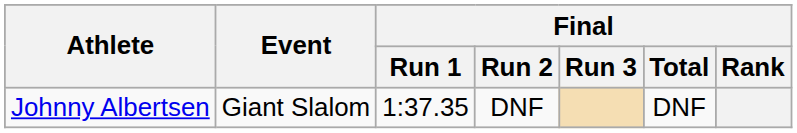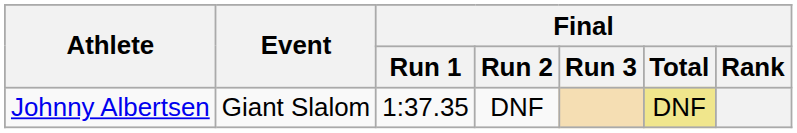 <table class="wikitable" style="font-size:90%">
 <tr>
 <th rowspan="2">Athlete</th>
 <th rowspan="2">Event</th>
 <th colspan="5">Final</th>
 </tr>
 <tr>
 <th>Run 1</th>
 <th>Run 2</th>
 <th>Run 3</th>
 <th>Total</th>
 <th>Rank</th>
 </tr>
 <tr>
 <td><a href='#'>Johnny Albertsen</a></td>
 <td>Giant Slalom</td>
 <td align="center">1:37.35</td>
 <td align="center">DNF</td>
 <td bgcolor="wheat"></td>
-<td align="center">DNF</td>
+<td align="center" style="background: khaki;">DNF</td>
 <th align="center"></th>
 </tr>
 </table>
